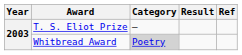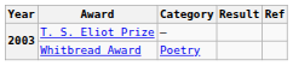 <table class="wikitable">
 <tr>
 <th>Year</th>
 <th>Award</th>
 <th>Category</th>
 <th>Result</th>
 <th>Ref</th>
 </tr>
 <tr>
 <th rowspan="2">2003</th>
 <td><a href='#'>T. S. Eliot Prize</a></td>
 <td>—</td>
 <td></td>
 <td></td>
 </tr>
 <tr>
 <td><a href='#'>Whitbread Award</a></td>
-<td style="background: lightgrey;"><a href='#'>Poetry</a></td>
+<td><a href='#'>Poetry</a></td>
 <td></td>
 <td></td>
 </tr>
 </table>
